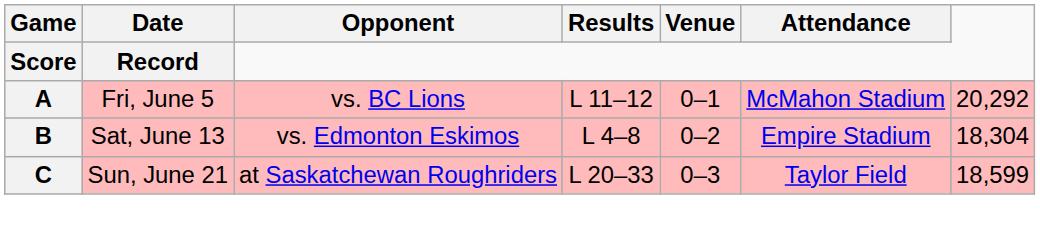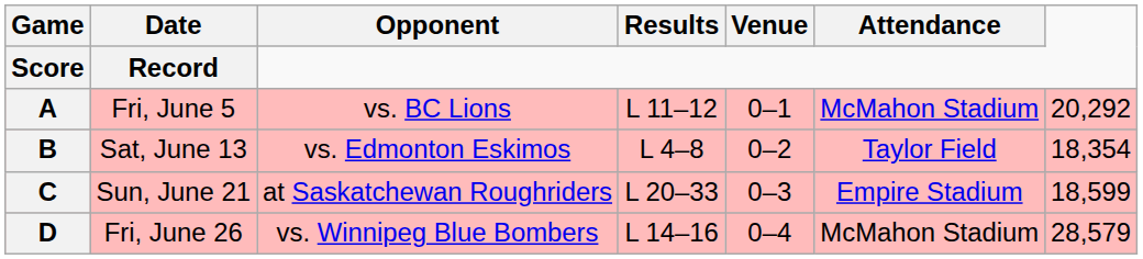 <table class="wikitable" style="text-align:center">
 <tr>
 <th>Game</th>
 <th>Date</th>
 <th>Opponent</th>
 <th>Results</th>
 <th>Venue</th>
 <th>Attendance</th>
 </tr>
 <tr>
 <th>Score</th>
 <th>Record</th>
 </tr>
 <tr style="background:#ffbbbb">
 <th>A</th>
 <td>Fri, June 5</td>
 <td>vs. <a href='#'>BC Lions</a></td>
 <td>L 11–12</td>
 <td>0–1</td>
 <td><a href='#'>McMahon Stadium</a></td>
 <td>20,292</td>
 </tr>
 <tr style="background:#ffbbbb">
 <th>B</th>
 <td>Sat, June 13</td>
 <td>vs. <a href='#'>Edmonton Eskimos</a></td>
 <td>L 4–8</td>
 <td>0–2</td>
-<td><a href='#'>Empire Stadium</a></td>
-<td>18,304</td>
+<td><a href='#'>Taylor Field</a></td>
+<td>18,354</td>
 </tr>
 <tr style="background:#ffbbbb">
 <th>C</th>
 <td>Sun, June 21</td>
 <td>at <a href='#'>Saskatchewan Roughriders</a></td>
 <td>L 20–33</td>
 <td>0–3</td>
-<td><a href='#'>Taylor Field</a></td>
+<td><a href='#'>Empire Stadium</a></td>
 <td>18,599</td>
 </tr>
+<tr style="background:#ffbbbb">
+<th>D</th>
+<td>Fri, June 26</td>
+<td>vs. <a href='#'>Winnipeg Blue Bombers</a></td>
+<td>L 14–16</td>
+<td>0–4</td>
+<td>McMahon Stadium</td>
+<td>28,579</td>
+</tr>
 </table>
